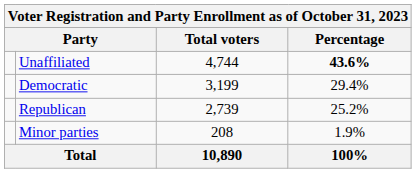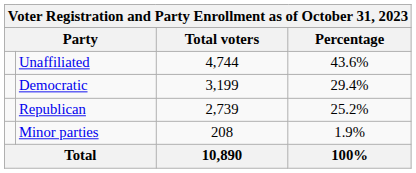 <table class=wikitable>
 <tr>
 <th colspan = 6>Voter Registration and Party Enrollment as of October 31, 2023</th>
 </tr>
 <tr>
 <th colspan = 2>Party</th>
 <th>Total voters</th>
 <th>Percentage</th>
 </tr>
 <tr>
 <td></td>
 <td><a href='#'>Unaffiliated</a></td>
 <td align=center>4,744</td>
-<td align=center><strong>43.6%</strong></td>
+<td align=center>43.6%</td>
 </tr>
 <tr>
 <td></td>
 <td><a href='#'>Democratic</a></td>
 <td align=center>3,199</td>
 <td align=center>29.4%</td>
 </tr>
 <tr>
 <td></td>
 <td><a href='#'>Republican</a></td>
 <td align=center>2,739</td>
 <td align=center>25.2%</td>
 </tr>
 <tr>
 <td></td>
 <td><a href='#'>Minor parties</a></td>
 <td align=center>208</td>
 <td align=center>1.9%</td>
 </tr>
 <tr>
 <th colspan = 2>Total</th>
 <th align=center>10,890</th>
 <th align=center>100%</th>
 </tr>
 </table>
